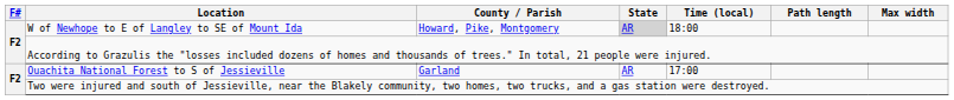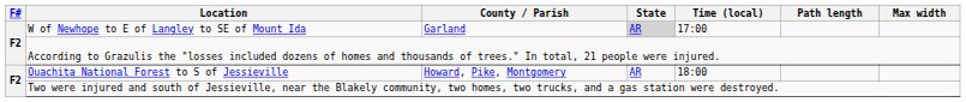 <table class="wikitable sortable" style="width:100%;">
 <tr>
 <th scope="col" align="center"><a href='#'>F#</a><br></th>
 <th scope="col" align="center" class="unsortable">Location</th>
 <th scope="col" align="center" class="unsortable">County / Parish</th>
 <th scope="col" align="center">State</th>
 <th scope="col" align="center">Time (local)</th>
 <th scope="col" align="center">Path length</th>
 <th scope="col" align="center">Max width</th>
 </tr>
 <tr>
 <th scope="row" rowspan="2" style="background-color:#">F2</th>
 <td>W of <a href='#'>Newhope</a> to E of <a href='#'>Langley</a> to SE of <a href='#'>Mount Ida</a></td>
-<td><a href='#'>Howard</a>, <a href='#'>Pike</a>, <a href='#'>Montgomery</a></td>
+<td><a href='#'>Garland</a></td>
 <td style="background: lightgrey;"><a href='#'>AR</a></td>
-<td>18:00</td>
+<td>17:00</td>
 <td></td>
 <td></td>
 </tr>
 <tr class="expand-child">
 <td colspan="6" style="border-bottom: 1px solid black;"><br>According to Grazulis the "losses included dozens of homes and thousands of trees." In total, 21 people were injured.</td>
 </tr>
 <tr>
 <th scope="row" rowspan="2" style="background-color:#">F2</th>
 <td><a href='#'>Ouachita National Forest</a> to S of <a href='#'>Jessieville</a></td>
-<td><a href='#'>Garland</a></td>
+<td><a href='#'>Howard</a>, <a href='#'>Pike</a>, <a href='#'>Montgomery</a></td>
 <td><a href='#'>AR</a></td>
-<td>17:00</td>
+<td>18:00</td>
 <td></td>
 <td></td>
 </tr>
 <tr class="expand-child">
 <td colspan="6" style="border-bottom: 1px solid black;">Two were injured and south of Jessieville, near the Blakely community, two homes, two trucks, and a gas station were destroyed.</td>
 </tr>
 </table>
